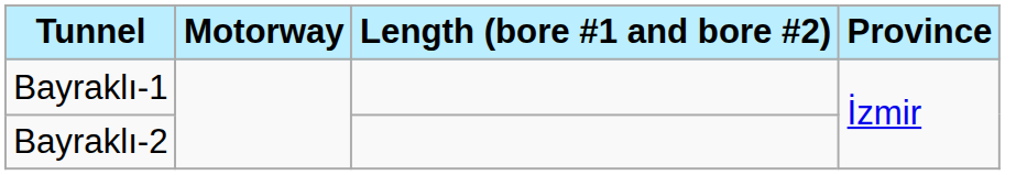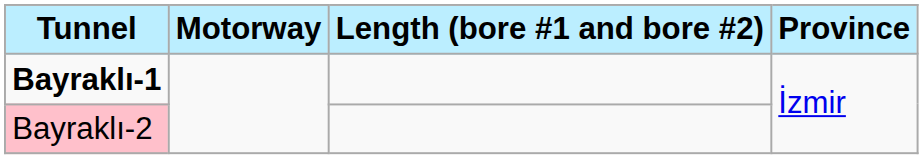 <table class="wikitable">
 <tr>
 <th style="background-color:#bbeeff">Tunnel</th>
 <th style="background-color:#bbeeff">Motorway</th>
 <th style="background-color:#bbeeff">Length (bore #1 and bore #2)</th>
 <th style="background-color:#bbeeff">Province</th>
 </tr>
 <tr>
-<td>Bayraklı-1</td>
+<td><strong>Bayraklı-1</strong></td>
 <td rowspan=2> </td>
 <td></td>
 <td rowspan=2><a href='#'>İzmir</a></td>
 </tr>
 <tr>
-<td>Bayraklı-2</td>
+<td style="background: pink;">Bayraklı-2</td>
 <td></td>
 </tr>
 </table>
